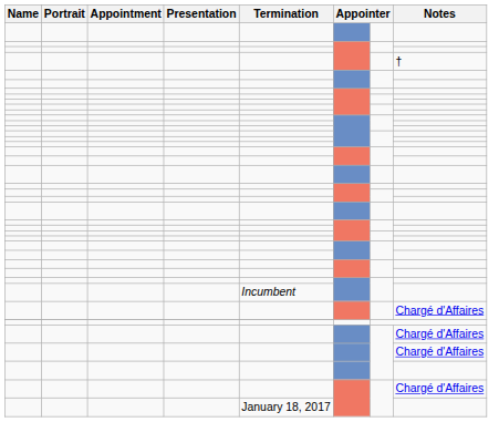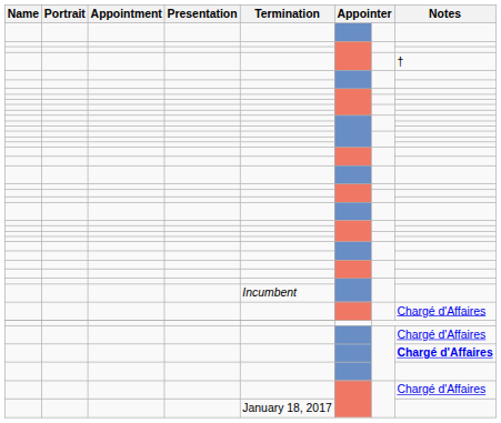 <table class="wikitable sortable"  text-align:center;">
 <tr>
 <th>Name</th>
 <th class="unsortable">Portrait</th>
 <th>Appointment</th>
 <th>Presentation</th>
 <th>Termination</th>
 <th colspan="2">Appointer</th>
 <th class="unsortable">Notes</th>
 </tr>
 <tr>
 <td></td>
 <td></td>
 <td></td>
 <td></td>
 <td></td>
 <td style="background:#698dc5;"> </td>
 <td></td>
 <td></td>
 </tr>
 <tr>
 <td></td>
 <td></td>
 <td></td>
 <td></td>
 <td></td>
 <td style="background:#f07763;" rowspan="3"> </td>
 <td rowspan="2"></td>
 <td></td>
 </tr>
 <tr>
 <td></td>
 <td></td>
 <td></td>
 <td></td>
 <td></td>
 <td></td>
 </tr>
 <tr>
 <td></td>
 <td></td>
 <td></td>
 <td></td>
 <td></td>
 <td></td>
 <td>†</td>
 </tr>
 <tr>
 <td></td>
 <td></td>
 <td></td>
 <td></td>
 <td></td>
 <td style="background:#698dc5;" rowspan="2"> </td>
 <td rowspan="2"></td>
 <td></td>
 </tr>
 <tr>
 <td></td>
 <td></td>
 <td></td>
 <td></td>
 <td></td>
 <td></td>
 </tr>
 <tr>
 <td></td>
 <td></td>
 <td></td>
 <td></td>
 <td></td>
 <td style="background:#f07763;" rowspan="5"> </td>
 <td></td>
 <td></td>
 </tr>
 <tr>
 <td></td>
 <td></td>
 <td></td>
 <td></td>
 <td></td>
 <td rowspan="2"></td>
 <td></td>
 </tr>
 <tr>
 <td></td>
 <td></td>
 <td></td>
 <td></td>
 <td></td>
 <td></td>
 </tr>
 <tr>
 <td></td>
 <td></td>
 <td></td>
 <td></td>
 <td></td>
 <td rowspan="2"></td>
 <td></td>
 </tr>
 <tr>
 <td></td>
 <td></td>
 <td></td>
 <td></td>
 <td></td>
 <td></td>
 </tr>
 <tr>
 <td></td>
 <td></td>
 <td></td>
 <td></td>
 <td></td>
 <td style="background:#698dc5;" rowspan="6"> </td>
 <td rowspan="3"></td>
 <td></td>
 </tr>
 <tr>
 <td></td>
 <td></td>
 <td></td>
 <td></td>
 <td></td>
 <td></td>
 </tr>
 <tr>
 <td></td>
 <td></td>
 <td></td>
 <td></td>
 <td></td>
 <td></td>
 </tr>
 <tr>
 <td></td>
 <td></td>
 <td></td>
 <td></td>
 <td></td>
 <td rowspan="3"></td>
 <td></td>
 </tr>
 <tr>
 <td></td>
 <td></td>
 <td></td>
 <td></td>
 <td></td>
 <td></td>
 </tr>
 <tr>
 <td></td>
 <td></td>
 <td></td>
 <td></td>
 <td></td>
 <td></td>
 </tr>
 <tr>
 <td></td>
 <td></td>
 <td></td>
 <td></td>
 <td></td>
 <td style="background:#f07763;" rowspan="2"> </td>
 <td rowspan="2"></td>
 <td></td>
 </tr>
 <tr>
 <td></td>
 <td></td>
 <td></td>
 <td></td>
 <td></td>
 <td></td>
 </tr>
 <tr>
 <td></td>
 <td></td>
 <td></td>
 <td></td>
 <td></td>
 <td style="background:#698dc5;"> </td>
 <td></td>
 <td></td>
 </tr>
 <tr>
 <td></td>
 <td></td>
 <td></td>
 <td></td>
 <td></td>
 <td style="background:#f07763;" rowspan="3"> </td>
 <td></td>
 <td></td>
 </tr>
 <tr>
 <td></td>
 <td></td>
 <td></td>
 <td></td>
 <td></td>
 <td rowspan="2"></td>
 <td></td>
 </tr>
 <tr>
 <td></td>
 <td></td>
 <td></td>
 <td></td>
 <td></td>
 <td></td>
 </tr>
 <tr>
 <td></td>
 <td></td>
 <td></td>
 <td></td>
 <td></td>
 <td style="background:#698dc5;"> </td>
 <td></td>
 <td></td>
 </tr>
 <tr>
 <td></td>
 <td></td>
 <td></td>
 <td></td>
 <td></td>
 <td style="background:#f07763;" rowspan="4"> </td>
 <td rowspan="2"></td>
 <td></td>
 </tr>
 <tr>
 <td></td>
 <td></td>
 <td></td>
 <td></td>
 <td></td>
 <td></td>
 </tr>
 <tr>
 <td></td>
 <td></td>
 <td></td>
 <td></td>
 <td></td>
 <td rowspan="2"></td>
 <td></td>
 </tr>
 <tr>
 <td></td>
 <td></td>
 <td></td>
 <td></td>
 <td></td>
 <td></td>
 </tr>
 <tr>
 <td></td>
 <td></td>
 <td></td>
 <td></td>
 <td></td>
 <td style="background:#698dc5;" rowspan="2"> </td>
 <td rowspan="2"></td>
 <td></td>
 </tr>
 <tr>
 <td></td>
 <td></td>
 <td></td>
 <td></td>
 <td></td>
 <td></td>
 </tr>
 <tr>
 <td></td>
 <td></td>
 <td></td>
 <td></td>
 <td></td>
 <td style="background:#f07763;" rowspan="2"> </td>
 <td rowspan="2"></td>
 <td></td>
 </tr>
 <tr>
 <td></td>
 <td></td>
 <td></td>
 <td></td>
 <td></td>
 <td></td>
 </tr>
 <tr>
 <td></td>
 <td></td>
 <td></td>
 <td></td>
 <td></td>
 <td style="background:#698dc5;" rowspan="2"> </td>
 <td rowspan="2"></td>
 <td></td>
 </tr>
 <tr>
 <td></td>
 <td></td>
 <td></td>
 <td></td>
 <td><em>Incumbent</em></td>
 <td></td>
 </tr>
 <tr>
 <td></td>
 <td></td>
 <td></td>
 <td></td>
 <td></td>
 <td style="background:#f07763;" rowspan="2"> </td>
 <td rowspan="2"></td>
 <td><a href='#'>Chargé d'Affaires</a></td>
 </tr>
 <tr>
 </tr>
 <tr>
 <td></td>
 <td></td>
 <td></td>
 <td></td>
 <td></td>
 <td></td>
 </tr>
 <tr>
 <td></td>
 <td></td>
 <td></td>
 <td></td>
 <td></td>
 <td style="background:#698dc5;" rowspan="1"> </td>
 <td rowspan="3"></td>
 <td><a href='#'>Chargé d'Affaires</a></td>
 </tr>
 <tr>
 <td></td>
 <td></td>
 <td></td>
 <td></td>
 <td></td>
 <td style="background:#698dc5;" rowspan="1"> </td>
-<td><a href='#'>Chargé d'Affaires</a></td>
+<td><strong><a href='#'>Chargé d'Affaires</a></strong></td>
 </tr>
 <tr>
 <td></td>
 <td></td>
 <td></td>
 <td></td>
 <td></td>
 <td style="background:#698dc5;" rowspan="1"> </td>
 <td></td>
 </tr>
 <tr>
 <td></td>
 <td></td>
 <td></td>
 <td></td>
 <td></td>
 <td style="background:#f07763;" rowspan="2"> </td>
 <td rowspan="2"></td>
 <td><a href='#'>Chargé d'Affaires</a></td>
 </tr>
 <tr>
 <td></td>
 <td></td>
 <td></td>
 <td></td>
 <td>January 18, 2017</td>
 <td></td>
 </tr>
 </table>
